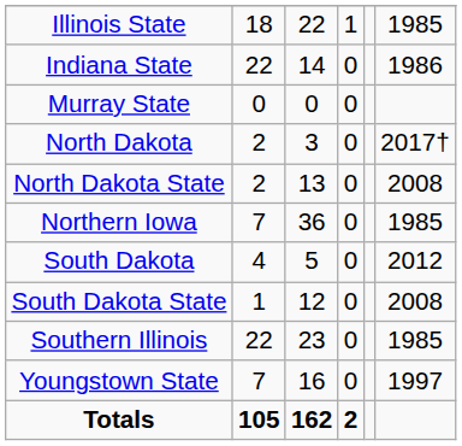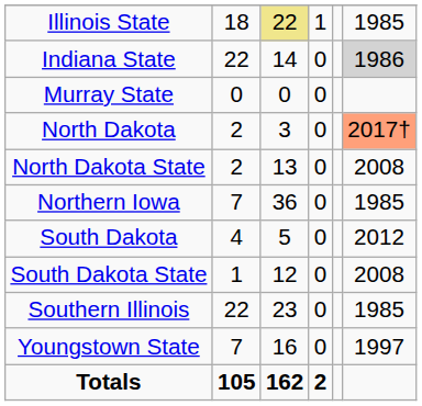 <table class="wikitable" style="text-align:center;">
 <tr>
 </tr>
 <tr style="text-align:center;" 2004–2012>
 <td><a href='#'>Illinois State</a></td>
 <td>18</td>
-<td>22</td>
+<td style="background: khaki;">22</td>
 <td>1</td>
 <td></td>
 <td>1985</td>
 </tr>
 <tr style="text-align:center;">
 <td><a href='#'>Indiana State</a></td>
 <td>22</td>
 <td>14</td>
 <td>0</td>
 <td></td>
-<td>1986</td>
+<td style="background: lightgrey;">1986</td>
 </tr>
 <tr style="text-align:center;">
 <td><a href='#'>Murray State</a></td>
 <td>0</td>
 <td>0</td>
 <td>0</td>
 <td></td>
 <td></td>
 </tr>
 <tr style="text-align:center;">
 <td><a href='#'>North Dakota</a></td>
 <td>2</td>
 <td>3</td>
 <td>0</td>
 <td></td>
-<td>2017†</td>
+<td style="background: lightsalmon;">2017†</td>
 </tr>
 <tr style="text-align:center;">
 <td><a href='#'>North Dakota State</a></td>
 <td>2</td>
 <td>13</td>
 <td>0</td>
 <td></td>
 <td>2008</td>
 </tr>
 <tr style="text-align:center;">
 <td><a href='#'>Northern Iowa</a></td>
 <td>7</td>
 <td>36</td>
 <td>0</td>
 <td></td>
 <td>1985</td>
 </tr>
 <tr style="text-align:center;">
 <td><a href='#'>South Dakota</a></td>
 <td>4</td>
 <td>5</td>
 <td>0</td>
 <td></td>
 <td>2012</td>
 </tr>
 <tr style="text-align:center;">
 <td><a href='#'>South Dakota State</a></td>
 <td>1</td>
 <td>12</td>
 <td>0</td>
 <td></td>
 <td>2008</td>
 </tr>
 <tr style="text-align:center;">
 <td><a href='#'>Southern Illinois</a></td>
 <td>22</td>
 <td>23</td>
 <td>0</td>
 <td></td>
 <td>1985</td>
 </tr>
 <tr style="text-align:center;">
 <td><a href='#'>Youngstown State</a></td>
 <td>7</td>
 <td>16</td>
 <td>0</td>
 <td></td>
 <td>1997</td>
 </tr>
 <tr style="text-align:center; ">
 <td><strong>Totals</strong></td>
 <td><strong>105</strong></td>
 <td><strong>162</strong></td>
 <td><strong>2</strong></td>
 <td><strong></strong></td>
 <td></td>
 </tr>
 </table>
